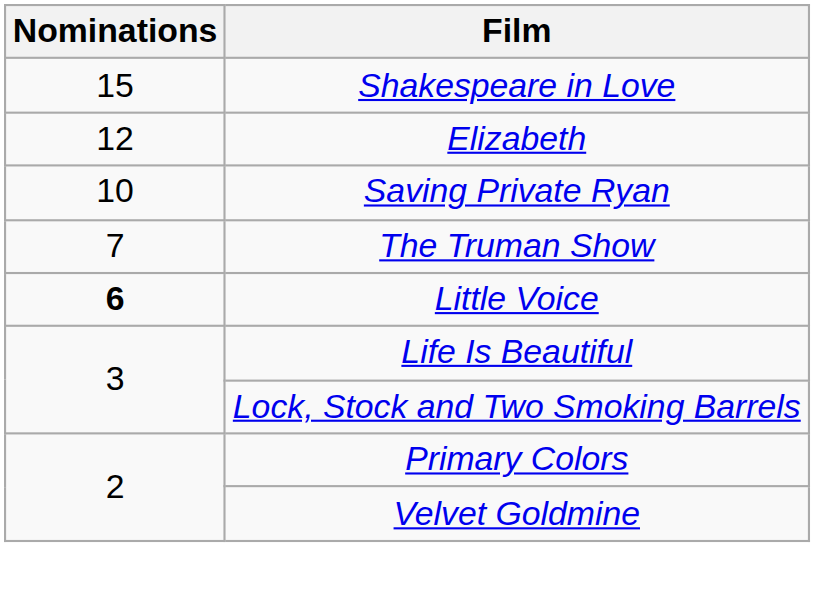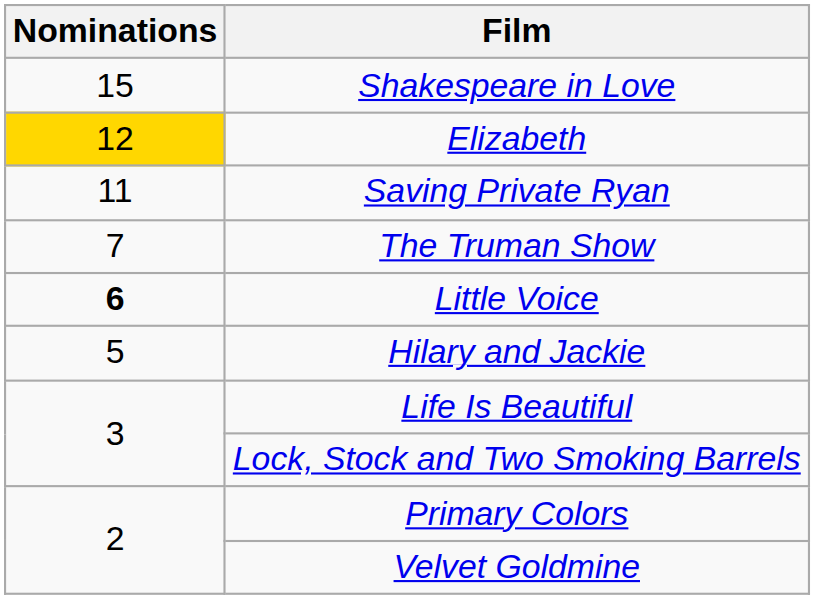 <table class="wikitable" style="text-align:center;">
 <tr>
 <th style="background:">Nominations</th>
 <th style="background:">Film</th>
 </tr>
 <tr>
 <td>15</td>
 <td><em><a href='#'>Shakespeare in Love</a></em></td>
 </tr>
 <tr>
-<td>12</td>
+<td style="background: gold;">12</td>
 <td><em><a href='#'>Elizabeth</a></em></td>
 </tr>
 <tr>
-<td>10</td>
+<td>11</td>
 <td><em><a href='#'>Saving Private Ryan</a></em></td>
 </tr>
 <tr>
 <td>7</td>
 <td><em><a href='#'>The Truman Show</a></em></td>
 </tr>
 <tr>
 <td><strong>6</strong></td>
 <td><em><a href='#'>Little Voice</a></em></td>
+</tr>
+<tr>
+<td>5</td>
+<td><em><a href='#'>Hilary and Jackie</a></em></td>
 </tr>
 <tr>
 <td rowspan="2">3</td>
 <td><em><a href='#'>Life Is Beautiful</a></em></td>
 </tr>
 <tr>
 <td><em><a href='#'>Lock, Stock and Two Smoking Barrels</a></em></td>
 </tr>
 <tr>
 <td rowspan="2">2</td>
 <td><em><a href='#'>Primary Colors</a></em></td>
 </tr>
 <tr>
 <td><em><a href='#'>Velvet Goldmine</a></em></td>
 </tr>
 </table>
